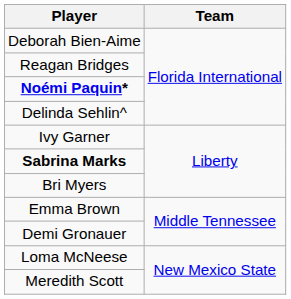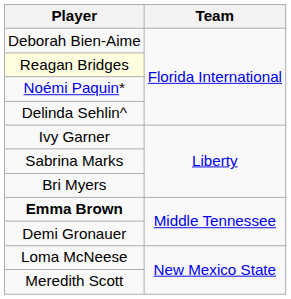 <table class="wikitable" style="text-align: center;">
 <tr>
 <th>Player</th>
 <th>Team</th>
 </tr>
 <tr>
 <td>Deborah Bien-Aime</td>
 <td rowspan=4><a href='#'>Florida International</a></td>
 </tr>
 <tr>
-<td>Reagan Bridges</td>
+<td style="background: lightyellow;">Reagan Bridges</td>
 </tr>
 <tr>
-<td><strong><a href='#'>Noémi Paquin</a>*</strong></td>
+<td><a href='#'>Noémi Paquin</a>*</td>
 </tr>
 <tr>
 <td>Delinda Sehlin^</td>
 </tr>
 <tr>
 <td>Ivy Garner</td>
 <td rowspan=3><a href='#'>Liberty</a></td>
 </tr>
 <tr>
-<td><strong>Sabrina Marks</strong></td>
+<td>Sabrina Marks</td>
 </tr>
 <tr>
 <td>Bri Myers</td>
 </tr>
 <tr>
-<td>Emma Brown</td>
+<td><strong>Emma Brown</strong></td>
 <td rowspan=2><a href='#'>Middle Tennessee</a></td>
 </tr>
 <tr>
 <td>Demi Gronauer</td>
 </tr>
 <tr>
 <td>Loma McNeese</td>
 <td rowspan=2><a href='#'>New Mexico State</a></td>
 </tr>
 <tr>
 <td>Meredith Scott</td>
 </tr>
 </table>
